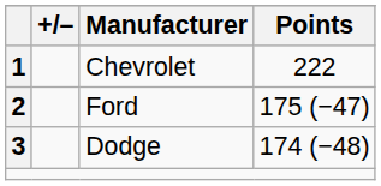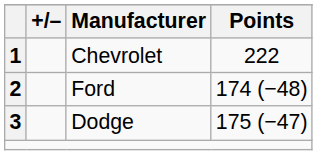 <table class="wikitable">
 <tr>
 </tr>
 <tr>
 <th scope="col"></th>
 <th scope="col">+/–</th>
 <th scope="col">Manufacturer</th>
 <th scope="col">Points</th>
 </tr>
 <tr>
 <th scope="row">1</th>
 <td align="left"></td>
 <td>Chevrolet</td>
 <td style="text-align:center;">222</td>
 </tr>
 <tr>
 <th scope="row">2</th>
 <td align="left"></td>
 <td>Ford</td>
-<td style="text-align:center;">175 (−47)</td>
+<td style="text-align:center;">174 (−48)</td>
 </tr>
 <tr>
 <th scope="row">3</th>
 <td align="left"></td>
 <td>Dodge</td>
-<td style="text-align:center;">174 (−48)</td>
+<td style="text-align:center;">175 (−47)</td>
 </tr>
 <tr class="sortbottom">
 <td colspan="9"></td>
 </tr>
 </table>
